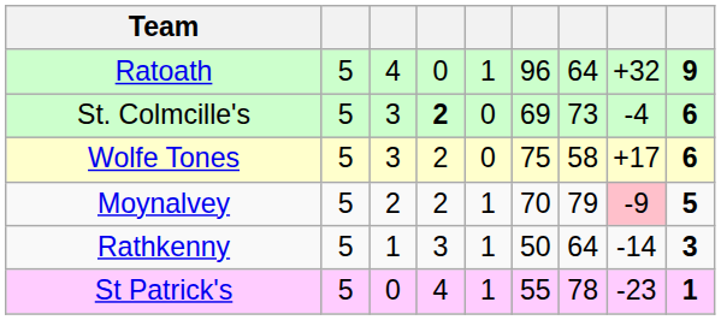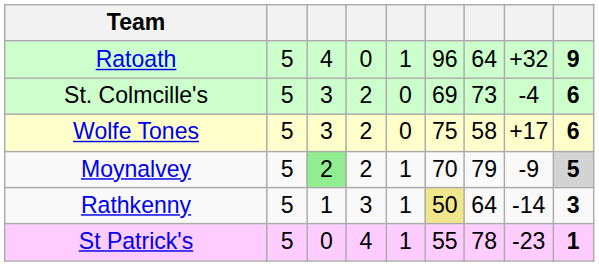 <table class="wikitable" style="text-align:center">
 <tr>
 <th style="width:175px;">Team</th>
 <th width="20"></th>
 <th width="20"></th>
 <th width="20"></th>
 <th width="20"></th>
 <th width="20"></th>
 <th width="20"></th>
 <th width="20"></th>
 <th width="20"></th>
 </tr>
 <tr style="background:#cfc;">
 <td><a href='#'>Ratoath</a></td>
 <td>5</td>
 <td>4</td>
 <td>0</td>
 <td>1</td>
 <td>96</td>
 <td>64</td>
 <td>+32</td>
 <td><strong>9</strong></td>
 </tr>
 <tr style="background:#cfc;">
 <td>St. Colmcille's</td>
 <td>5</td>
 <td>3</td>
-<td><strong>2</strong></td>
+<td>2</td>
 <td>0</td>
 <td>69</td>
 <td>73</td>
 <td>-4</td>
 <td><strong>6</strong></td>
 </tr>
 <tr style="background:#ffffcc;">
 <td><a href='#'>Wolfe Tones</a></td>
 <td>5</td>
 <td>3</td>
 <td>2</td>
 <td>0</td>
 <td>75</td>
 <td>58</td>
 <td>+17</td>
 <td><strong>6</strong></td>
 </tr>
 <tr>
 <td><a href='#'>Moynalvey</a></td>
 <td>5</td>
-<td>2</td>
+<td style="background: lightgreen;">2</td>
 <td>2</td>
 <td>1</td>
 <td>70</td>
 <td>79</td>
-<td style="background: pink;">-9</td>
-<td><strong>5</strong></td>
+<td>-9</td>
+<td style="background: lightgrey;"><strong>5</strong></td>
 </tr>
 <tr>
 <td><a href='#'>Rathkenny</a></td>
 <td>5</td>
 <td>1</td>
 <td>3</td>
 <td>1</td>
-<td>50</td>
+<td style="background: khaki;">50</td>
 <td>64</td>
 <td>-14</td>
 <td><strong>3</strong></td>
 </tr>
 <tr style="background:#fcf;">
 <td><a href='#'>St Patrick's</a></td>
 <td>5</td>
 <td>0</td>
 <td>4</td>
 <td>1</td>
 <td>55</td>
 <td>78</td>
 <td>-23</td>
 <td><strong>1</strong></td>
 </tr>
 </table>
